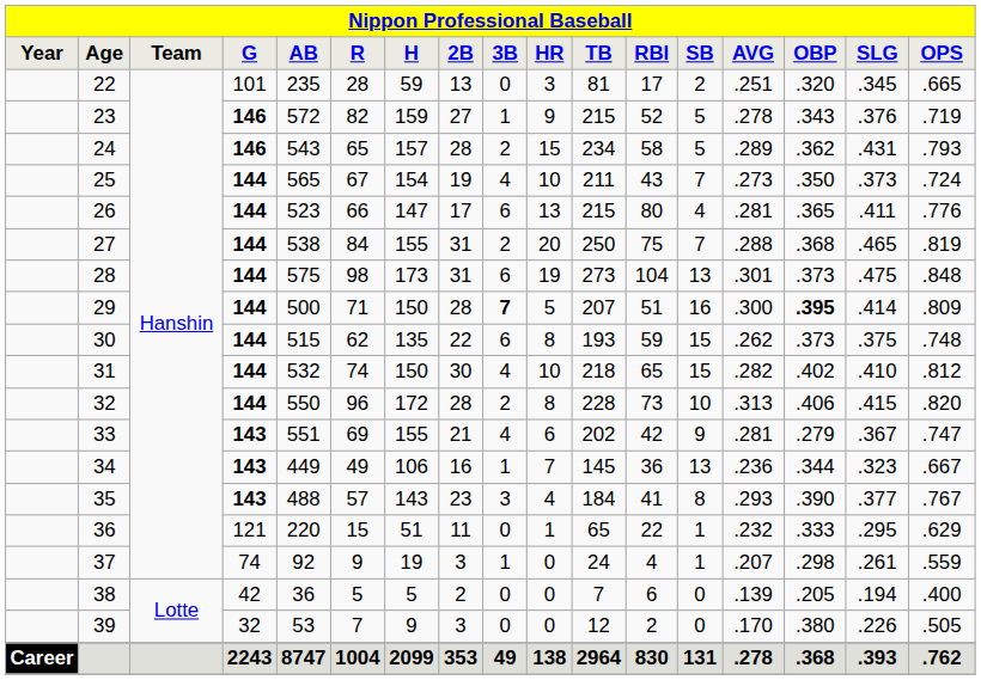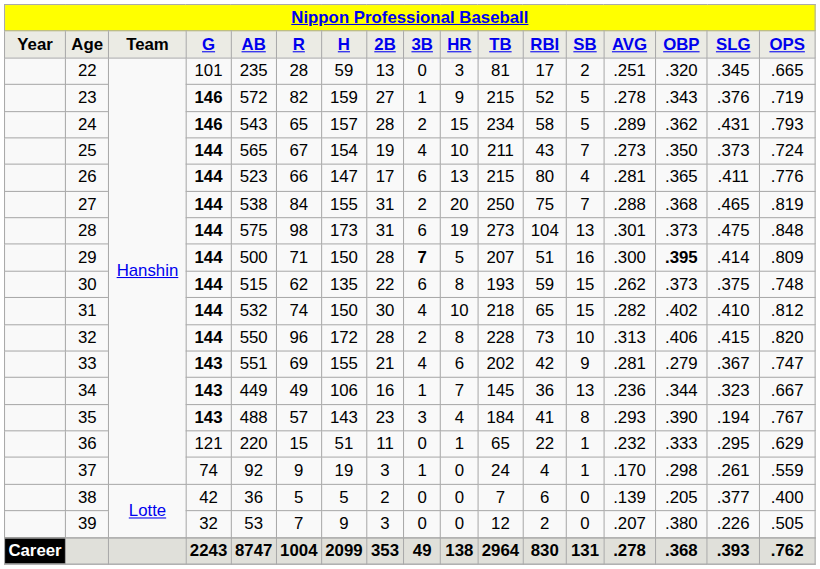 <table class="wikitable">
 <tr>
 <th colspan="18" style="background:#ffff00;"><a href='#'><span>Nippon Professional Baseball</span></a></th>
 </tr>
 <tr>
 <th style="background:#ebebe4;" width="42">Year</th>
 <th style="background:#ebebe4;" width="34">Age</th>
 <th style="background:#ebebe4;" width="66">Team</th>
 <th style="background:#ebebe4;" width="34"><a href='#'>G</a></th>
 <th style="background:#ebebe4;" width="34"><a href='#'>AB</a></th>
 <th style="background:#ebebe4;" width="34"><a href='#'>R</a></th>
 <th style="background:#ebebe4;" width="34"><a href='#'>H</a></th>
 <th style="background:#ebebe4;" width="28"><a href='#'>2B</a></th>
 <th style="background:#ebebe4;" width="28"><a href='#'>3B</a></th>
 <th style="background:#ebebe4;" width="28"><a href='#'>HR</a></th>
 <th style="background:#ebebe4;" width="34"><a href='#'>TB</a></th>
 <th style="background:#ebebe4;" width="34"><a href='#'>RBI</a></th>
 <th style="background:#ebebe4;" width="28"><a href='#'>SB</a></th>
 <th style="background:#ebebe4;" width="42"><a href='#'>AVG</a></th>
 <th style="background:#ebebe4;" width="42"><a href='#'>OBP</a></th>
 <th style="background:#ebebe4;" width="42"><a href='#'>SLG</a></th>
 <th style="background:#ebebe4;" width="46"><a href='#'>OPS</a></th>
 </tr>
 <tr align=center>
 <td></td>
 <td>22</td>
 <td rowspan="16"><a href='#'>Hanshin</a></td>
 <td>101</td>
 <td>235</td>
 <td>28</td>
 <td>59</td>
 <td>13</td>
 <td>0</td>
 <td>3</td>
 <td>81</td>
 <td>17</td>
 <td>2</td>
 <td>.251</td>
 <td>.320</td>
 <td>.345</td>
 <td>.665</td>
 </tr>
 <tr align=center>
 <td></td>
 <td>23</td>
 <td><strong>146</strong></td>
 <td>572</td>
 <td>82</td>
 <td>159</td>
 <td>27</td>
 <td>1</td>
 <td>9</td>
 <td>215</td>
 <td>52</td>
 <td>5</td>
 <td>.278</td>
 <td>.343</td>
 <td>.376</td>
 <td>.719</td>
 </tr>
 <tr align=center>
 <td></td>
 <td>24</td>
 <td><strong>146</strong></td>
 <td>543</td>
 <td>65</td>
 <td>157</td>
 <td>28</td>
 <td>2</td>
 <td>15</td>
 <td>234</td>
 <td>58</td>
 <td>5</td>
 <td>.289</td>
 <td>.362</td>
 <td>.431</td>
 <td>.793</td>
 </tr>
 <tr align=center>
 <td></td>
 <td>25</td>
 <td><strong>144</strong></td>
 <td>565</td>
 <td>67</td>
 <td>154</td>
 <td>19</td>
 <td>4</td>
 <td>10</td>
 <td>211</td>
 <td>43</td>
 <td>7</td>
 <td>.273</td>
 <td>.350</td>
 <td>.373</td>
 <td>.724</td>
 </tr>
 <tr align=center>
 <td></td>
 <td>26</td>
 <td><strong>144</strong></td>
 <td>523</td>
 <td>66</td>
 <td>147</td>
 <td>17</td>
 <td>6</td>
 <td>13</td>
 <td>215</td>
 <td>80</td>
 <td>4</td>
 <td>.281</td>
 <td>.365</td>
 <td>.411</td>
 <td>.776</td>
 </tr>
 <tr align=center>
 <td></td>
 <td>27</td>
 <td><strong>144</strong></td>
 <td>538</td>
 <td>84</td>
 <td>155</td>
 <td>31</td>
 <td>2</td>
 <td>20</td>
 <td>250</td>
 <td>75</td>
 <td>7</td>
 <td>.288</td>
 <td>.368</td>
 <td>.465</td>
 <td>.819</td>
 </tr>
 <tr align=center>
 <td></td>
 <td>28</td>
 <td><strong>144</strong></td>
 <td>575</td>
 <td>98</td>
 <td>173</td>
 <td>31</td>
 <td>6</td>
 <td>19</td>
 <td>273</td>
 <td>104</td>
 <td>13</td>
 <td>.301</td>
 <td>.373</td>
 <td>.475</td>
 <td>.848</td>
 </tr>
 <tr align=center>
 <td></td>
 <td>29</td>
 <td><strong>144</strong></td>
 <td>500</td>
 <td>71</td>
 <td>150</td>
 <td>28</td>
 <td><strong>7</strong></td>
 <td>5</td>
 <td>207</td>
 <td>51</td>
 <td>16</td>
 <td>.300</td>
 <td><strong>.395</strong></td>
 <td>.414</td>
 <td>.809</td>
 </tr>
 <tr align=center>
 <td></td>
 <td>30</td>
 <td><strong>144</strong></td>
 <td>515</td>
 <td>62</td>
 <td>135</td>
 <td>22</td>
 <td>6</td>
 <td>8</td>
 <td>193</td>
 <td>59</td>
 <td>15</td>
 <td>.262</td>
 <td>.373</td>
 <td>.375</td>
 <td>.748</td>
 </tr>
 <tr align=center>
 <td></td>
 <td>31</td>
 <td><strong>144</strong></td>
 <td>532</td>
 <td>74</td>
 <td>150</td>
 <td>30</td>
 <td>4</td>
 <td>10</td>
 <td>218</td>
 <td>65</td>
 <td>15</td>
 <td>.282</td>
 <td>.402</td>
 <td>.410</td>
 <td>.812</td>
 </tr>
 <tr align=center>
 <td></td>
 <td>32</td>
 <td><strong>144</strong></td>
 <td>550</td>
 <td>96</td>
 <td>172</td>
 <td>28</td>
 <td>2</td>
 <td>8</td>
 <td>228</td>
 <td>73</td>
 <td>10</td>
 <td>.313</td>
 <td>.406</td>
 <td>.415</td>
 <td>.820</td>
 </tr>
 <tr align=center>
 <td></td>
 <td>33</td>
 <td><strong>143</strong></td>
 <td>551</td>
 <td>69</td>
 <td>155</td>
 <td>21</td>
 <td>4</td>
 <td>6</td>
 <td>202</td>
 <td>42</td>
 <td>9</td>
 <td>.281</td>
 <td>.279</td>
 <td>.367</td>
 <td>.747</td>
 </tr>
 <tr align=center>
 <td></td>
 <td>34</td>
 <td><strong>143</strong></td>
 <td>449</td>
 <td>49</td>
 <td>106</td>
 <td>16</td>
 <td>1</td>
 <td>7</td>
 <td>145</td>
 <td>36</td>
 <td>13</td>
 <td>.236</td>
 <td>.344</td>
 <td>.323</td>
 <td>.667</td>
 </tr>
 <tr align=center>
 <td></td>
 <td>35</td>
 <td><strong>143</strong></td>
 <td>488</td>
 <td>57</td>
 <td>143</td>
 <td>23</td>
 <td>3</td>
 <td>4</td>
 <td>184</td>
 <td>41</td>
 <td>8</td>
 <td>.293</td>
 <td>.390</td>
-<td>.377</td>
+<td>.194</td>
 <td>.767</td>
 </tr>
 <tr align=center>
 <td></td>
 <td>36</td>
 <td>121</td>
 <td>220</td>
 <td>15</td>
 <td>51</td>
 <td>11</td>
 <td>0</td>
 <td>1</td>
 <td>65</td>
 <td>22</td>
 <td>1</td>
 <td>.232</td>
 <td>.333</td>
 <td>.295</td>
 <td>.629</td>
 </tr>
 <tr align=center>
 <td></td>
 <td>37</td>
 <td>74</td>
 <td>92</td>
 <td>9</td>
 <td>19</td>
 <td>3</td>
 <td>1</td>
 <td>0</td>
 <td>24</td>
 <td>4</td>
 <td>1</td>
-<td>.207</td>
+<td>.170</td>
 <td>.298</td>
 <td>.261</td>
 <td>.559</td>
 </tr>
 <tr align=center>
 <td></td>
 <td>38</td>
 <td rowspan="2"><a href='#'>Lotte</a></td>
 <td>42</td>
 <td>36</td>
 <td>5</td>
 <td>5</td>
 <td>2</td>
 <td>0</td>
 <td>0</td>
 <td>7</td>
 <td>6</td>
 <td>0</td>
 <td>.139</td>
 <td>.205</td>
-<td>.194</td>
+<td>.377</td>
 <td>.400</td>
 </tr>
 <tr align=center>
 <td></td>
 <td>39</td>
 <td>32</td>
 <td>53</td>
 <td>7</td>
 <td>9</td>
 <td>3</td>
 <td>0</td>
 <td>0</td>
 <td>12</td>
 <td>2</td>
 <td>0</td>
-<td>.170</td>
+<td>.207</td>
 <td>.380</td>
 <td>.226</td>
 <td>.505</td>
 </tr>
 <tr align=center>
 </tr>
 <tr align="center" style="background:#e0e0da;">
 <td style="background:#000000;color:white;"><strong>Career</strong></td>
 <td></td>
 <td></td>
 <td><strong>2243</strong></td>
 <td><strong>8747</strong></td>
 <td><strong>1004</strong></td>
 <td><strong>2099</strong></td>
 <td><strong>353</strong></td>
 <td><strong>49</strong></td>
 <td><strong>138</strong></td>
 <td><strong>2964</strong></td>
 <td><strong>830</strong></td>
 <td><strong>131</strong></td>
 <td><strong>.278</strong></td>
 <td><strong>.368</strong></td>
 <td><strong>.393</strong></td>
 <td><strong>.762</strong></td>
 </tr>
 <tr>
 </tr>
 </table>
